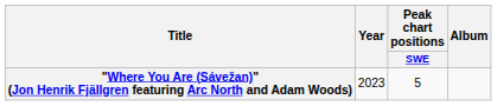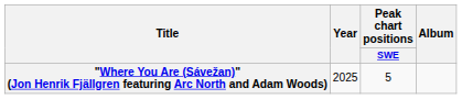 <table class="wikitable plainrowheaders" style="text-align:center;">
 <tr>
 <th scope="col" rowspan="2">Title</th>
 <th scope="col" rowspan="2">Year</th>
 <th scope="col" colspan="1">Peak chart positions</th>
 <th scope="col" rowspan="2">Album</th>
 </tr>
 <tr>
 <th scope="col" style="width:3em;font-size:85%;"><a href='#'>SWE</a><br></th>
 </tr>
 <tr>
 <th scope="row">"<a href='#'>Where You Are (Sávežan)</a>"<br><span>(<a href='#'>Jon Henrik Fjällgren</a> featuring <a href='#'>Arc North</a> and Adam Woods)</span></th>
-<td>2023</td>
+<td>2025</td>
 <td>5</td>
 <td></td>
 </tr>
 </table>
